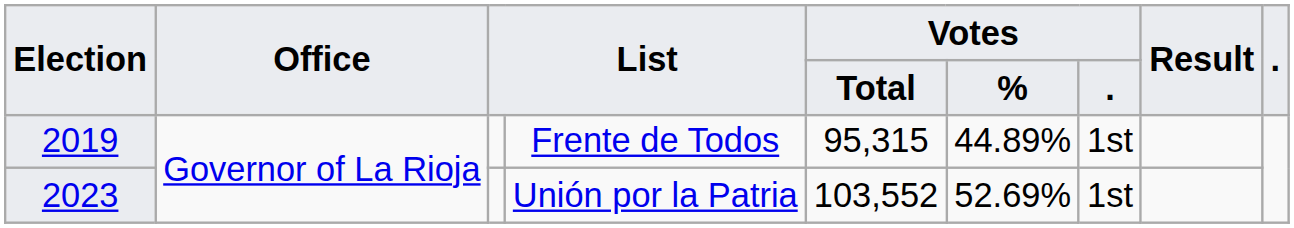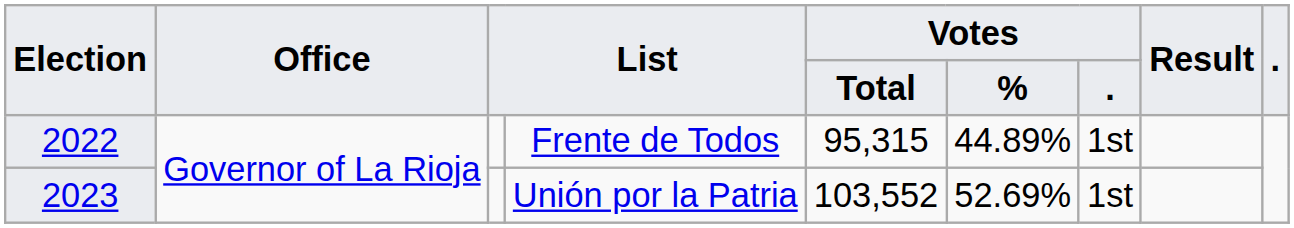 <table class="wikitable" style="font-size:90%; text-align:center;">
 <tr>
 <th style="background-color:#EAECF0;" rowspan=2>Election</th>
 <th style="background-color:#EAECF0;" rowspan=2>Office</th>
 <th style="background-color:#EAECF0;" colspan=2 rowspan=2>List</th>
 <th style="background-color:#EAECF0;" colspan=3>Votes</th>
 <th style="background-color:#EAECF0;" rowspan=2>Result</th>
 <th style="background-color:#EAECF0;" rowspan=2>.</th>
 </tr>
 <tr>
 <th style="background-color:#EAECF0;">Total</th>
 <th style="background-color:#EAECF0;">%</th>
 <th style="background-color:#EAECF0;">.</th>
 </tr>
 <tr>
-<td style="background-color:#EAECF0;"><a href='#'>2019</a></td>
+<td style="background-color:#EAECF0;"><a href='#'>2022</a></td>
 <td rowspan="2"><a href='#'>Governor of La Rioja</a></td>
 <td style="background-color:"></td>
 <td><a href='#'>Frente de Todos</a></td>
 <td>95,315</td>
 <td>44.89%</td>
 <td>1st</td>
 <td></td>
 <td rowspan="2"></td>
 </tr>
 <tr>
 <td style="background-color:#EAECF0;"><a href='#'>2023</a></td>
 <td style="background-color:"></td>
 <td><a href='#'>Unión por la Patria</a></td>
 <td>103,552</td>
 <td>52.69%</td>
 <td>1st</td>
 <td></td>
 </tr>
 </table>
